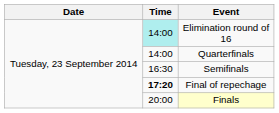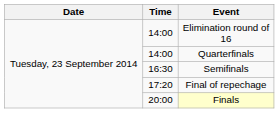 <table class = "wikitable" style="text-align:center;">
 <tr>
 <th width=220>Date</th>
 <th width=50>Time</th>
 <th width=150>Event</th>
 </tr>
 <tr>
 <td rowspan=5>Tuesday, 23 September 2014</td>
-<td style="background: paleturquoise;">14:00</td>
+<td>14:00</td>
 <td>Elimination round of 16</td>
 </tr>
 <tr>
 <td>14:00</td>
 <td>Quarterfinals</td>
 </tr>
 <tr>
 <td>16:30</td>
 <td>Semifinals</td>
 </tr>
 <tr>
-<td><strong>17:20</strong></td>
+<td>17:20</td>
 <td>Final of repechage</td>
 </tr>
 <tr>
 <td>20:00</td>
 <td bgcolor=ffffcc>Finals</td>
 </tr>
 </table>
